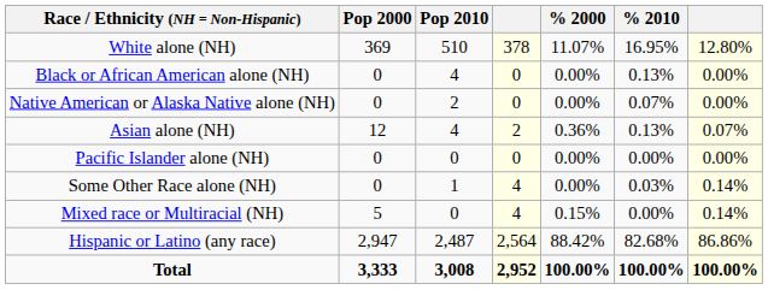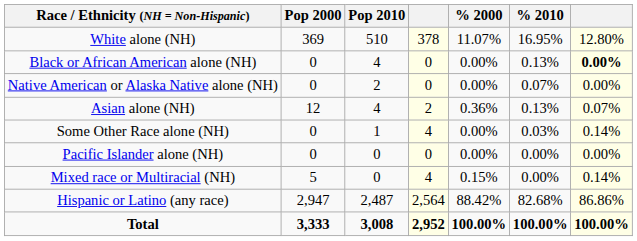 <table class="wikitable" style="text-align:center;">
 <tr>
 <th>Race / Ethnicity <small>(<em>NH = Non-Hispanic</em>)</small></th>
 <th>Pop 2000</th>
 <th>Pop 2010</th>
 <th></th>
 <th>% 2000</th>
 <th>% 2010</th>
 <th></th>
 </tr>
 <tr>
 <td><a href='#'>White</a> alone (NH)</td>
 <td>369</td>
 <td>510</td>
 <td style='background: #ffffe6;'>378</td>
 <td>11.07%</td>
 <td>16.95%</td>
 <td style='background: #ffffe6;'>12.80%</td>
 </tr>
 <tr>
 <td><a href='#'>Black or African American</a> alone (NH)</td>
 <td>0</td>
 <td>4</td>
 <td style='background: #ffffe6;'>0</td>
 <td>0.00%</td>
 <td>0.13%</td>
-<td style='background: #ffffe6;'>0.00%</td>
+<td style='background: #ffffe6;'><strong>0.00%</strong></td>
 </tr>
 <tr>
 <td><a href='#'>Native American</a> or <a href='#'>Alaska Native</a> alone (NH)</td>
 <td>0</td>
 <td>2</td>
 <td style='background: #ffffe6;'>0</td>
 <td>0.00%</td>
 <td>0.07%</td>
 <td style='background: #ffffe6;'>0.00%</td>
 </tr>
 <tr>
 <td><a href='#'>Asian</a> alone (NH)</td>
 <td>12</td>
 <td>4</td>
 <td style='background: #ffffe6;'>2</td>
 <td>0.36%</td>
 <td>0.13%</td>
 <td style='background: #ffffe6;'>0.07%</td>
 </tr>
 <tr>
+<td>Some Other Race alone (NH)</td>
+<td>0</td>
+<td>1</td>
+<td style='background: #ffffe6;'>4</td>
+<td>0.00%</td>
+<td>0.03%</td>
+<td style='background: #ffffe6;'>0.14%</td>
+</tr>
+<tr>
 <td><a href='#'>Pacific Islander</a> alone (NH)</td>
 <td>0</td>
 <td>0</td>
 <td style='background: #ffffe6;'>0</td>
 <td>0.00%</td>
 <td>0.00%</td>
 <td style='background: #ffffe6;'>0.00%</td>
-</tr>
-<tr>
-<td>Some Other Race alone (NH)</td>
-<td>0</td>
-<td>1</td>
-<td style='background: #ffffe6;'>4</td>
-<td>0.00%</td>
-<td>0.03%</td>
-<td style='background: #ffffe6;'>0.14%</td>
 </tr>
 <tr>
 <td><a href='#'>Mixed race or Multiracial</a> (NH)</td>
 <td>5</td>
 <td>0</td>
 <td style='background: #ffffe6;'>4</td>
 <td>0.15%</td>
 <td>0.00%</td>
 <td style='background: #ffffe6;'>0.14%</td>
 </tr>
 <tr>
 <td><a href='#'>Hispanic or Latino</a> (any race)</td>
 <td>2,947</td>
 <td>2,487</td>
 <td style='background: #ffffe6;'>2,564</td>
 <td>88.42%</td>
 <td>82.68%</td>
 <td style='background: #ffffe6;'>86.86%</td>
 </tr>
 <tr>
 <td><strong>Total</strong></td>
 <td><strong>3,333</strong></td>
 <td><strong>3,008</strong></td>
 <td style='background: #ffffe6;'><strong>2,952</strong></td>
 <td><strong>100.00%</strong></td>
 <td><strong>100.00%</strong></td>
 <td style='background: #ffffe6;'><strong>100.00%</strong></td>
 </tr>
 </table>
